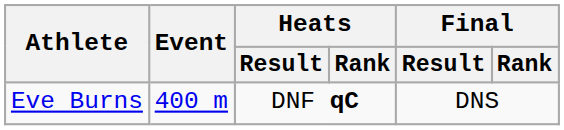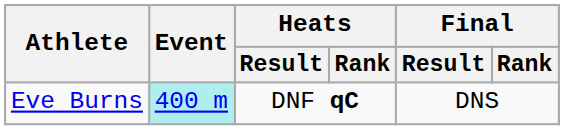 <table class="wikitable" style="font-size:90%">
 <tr>
 <th rowspan=2>Athlete</th>
 <th rowspan=2>Event</th>
 <th colspan=2>Heats</th>
 <th colspan=2>Final</th>
 </tr>
 <tr style="font-size:95%">
 <th>Result</th>
 <th>Rank</th>
 <th>Result</th>
 <th>Rank</th>
 </tr>
 <tr align=center>
 <td align=left><a href='#'>Eve Burns</a></td>
-<td align=left><a href='#'>400 m</a></td>
+<td align=left style="background: paleturquoise;"><a href='#'>400 m</a></td>
 <td colspan=2>DNF <strong>qC</strong></td>
 <td colspan=2>DNS</td>
 </tr>
 </table>
